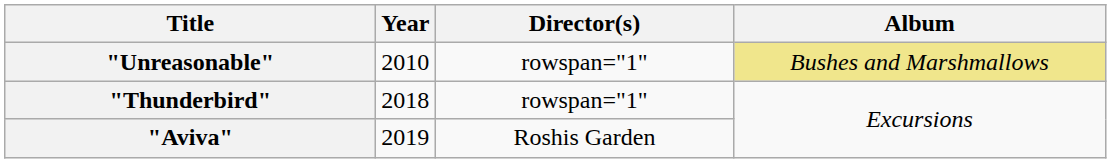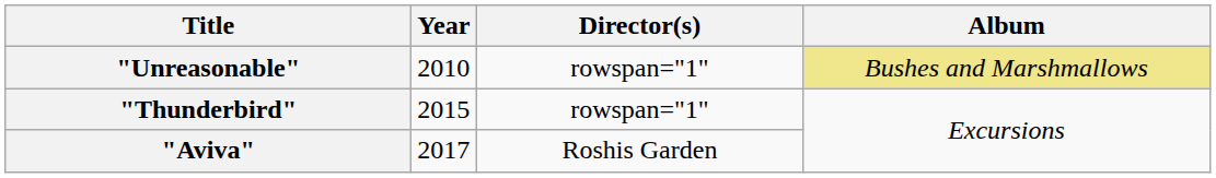 <table class="wikitable plainrowheaders" style="text-align:center;">
 <tr>
 <th scope="col" style="width:15em;">Title</th>
 <th scope="col">Year</th>
 <th scope="col" style="width:12em;">Director(s)</th>
 <th scope="col" style="width:15em;">Album</th>
 </tr>
 <tr>
 <th scope="row">"Unreasonable"</th>
 <td rowspan="1">2010</td>
 <td>rowspan="1" </td>
 <td rowspan="1" style="background: khaki;"><em>Bushes and Marshmallows</em></td>
 </tr>
 <tr>
 <th scope="row">"Thunderbird"</th>
-<td rowspan="1">2018</td>
+<td rowspan="1">2015</td>
 <td>rowspan="1" </td>
 <td rowspan="2"><em>Excursions</em></td>
 </tr>
 <tr>
 <th scope="row">"Aviva"</th>
-<td rowspan="1">2019</td>
+<td rowspan="1">2017</td>
 <td rowspan="1">Roshis Garden</td>
 </tr>
 </table>
